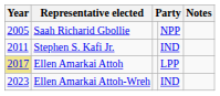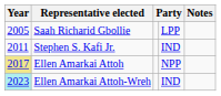 <table class="wikitable">
 <tr>
 <th>Year</th>
 <th>Representative elected</th>
 <th colspan=2>Party</th>
 <th>Notes</th>
 </tr>
 <tr>
 <td><a href='#'>2005</a></td>
 <td><a href='#'>Saah Richarid Gbollie</a></td>
 <td></td>
-<td><a href='#'>NPP</a></td>
+<td><a href='#'>LPP</a></td>
 <td></td>
 </tr>
 <tr>
 <td><a href='#'>2011</a></td>
 <td><a href='#'>Stephen S. Kafi Jr.</a></td>
 <td></td>
 <td><a href='#'>IND</a></td>
 <td></td>
 </tr>
 <tr>
 <td style="background: khaki;"><a href='#'>2017</a></td>
 <td><a href='#'>Ellen Amarkai Attoh</a></td>
 <td></td>
-<td><a href='#'>LPP</a></td>
+<td><a href='#'>NPP</a></td>
 <td></td>
 </tr>
 <tr>
-<td><a href='#'>2023</a></td>
+<td style="background: paleturquoise;"><a href='#'>2023</a></td>
 <td><a href='#'>Ellen Amarkai Attoh-Wreh</a></td>
 <td></td>
 <td><a href='#'>IND</a></td>
 <td></td>
 </tr>
 </table>
